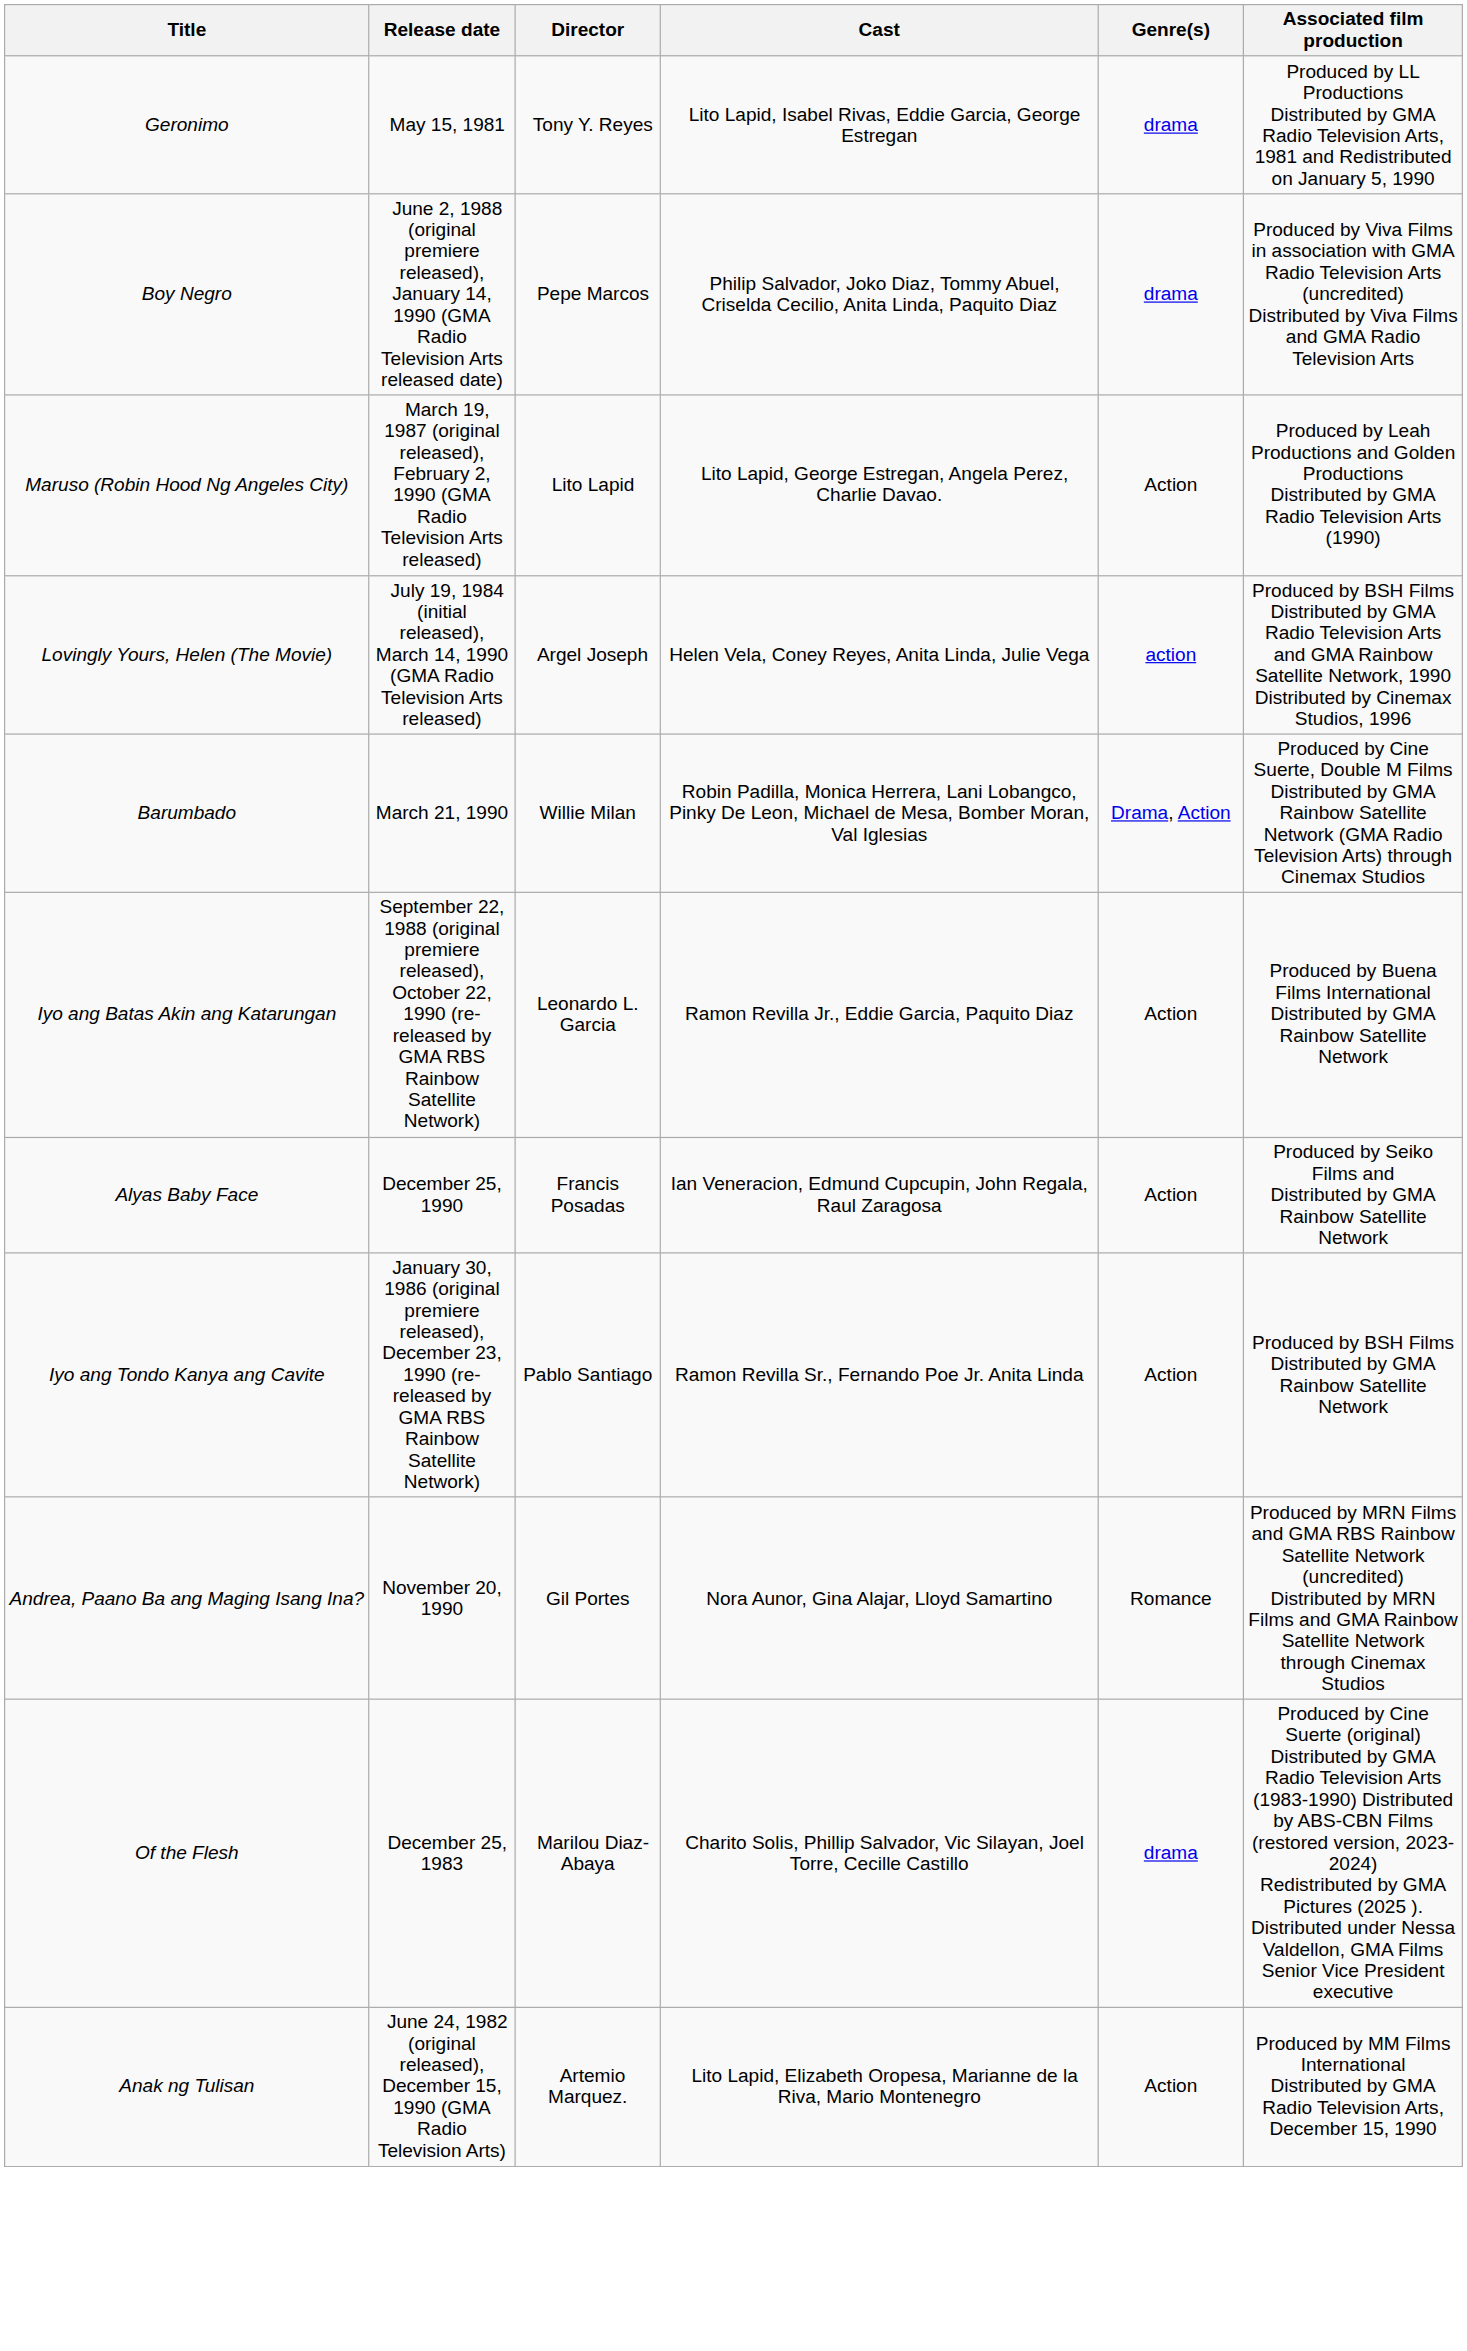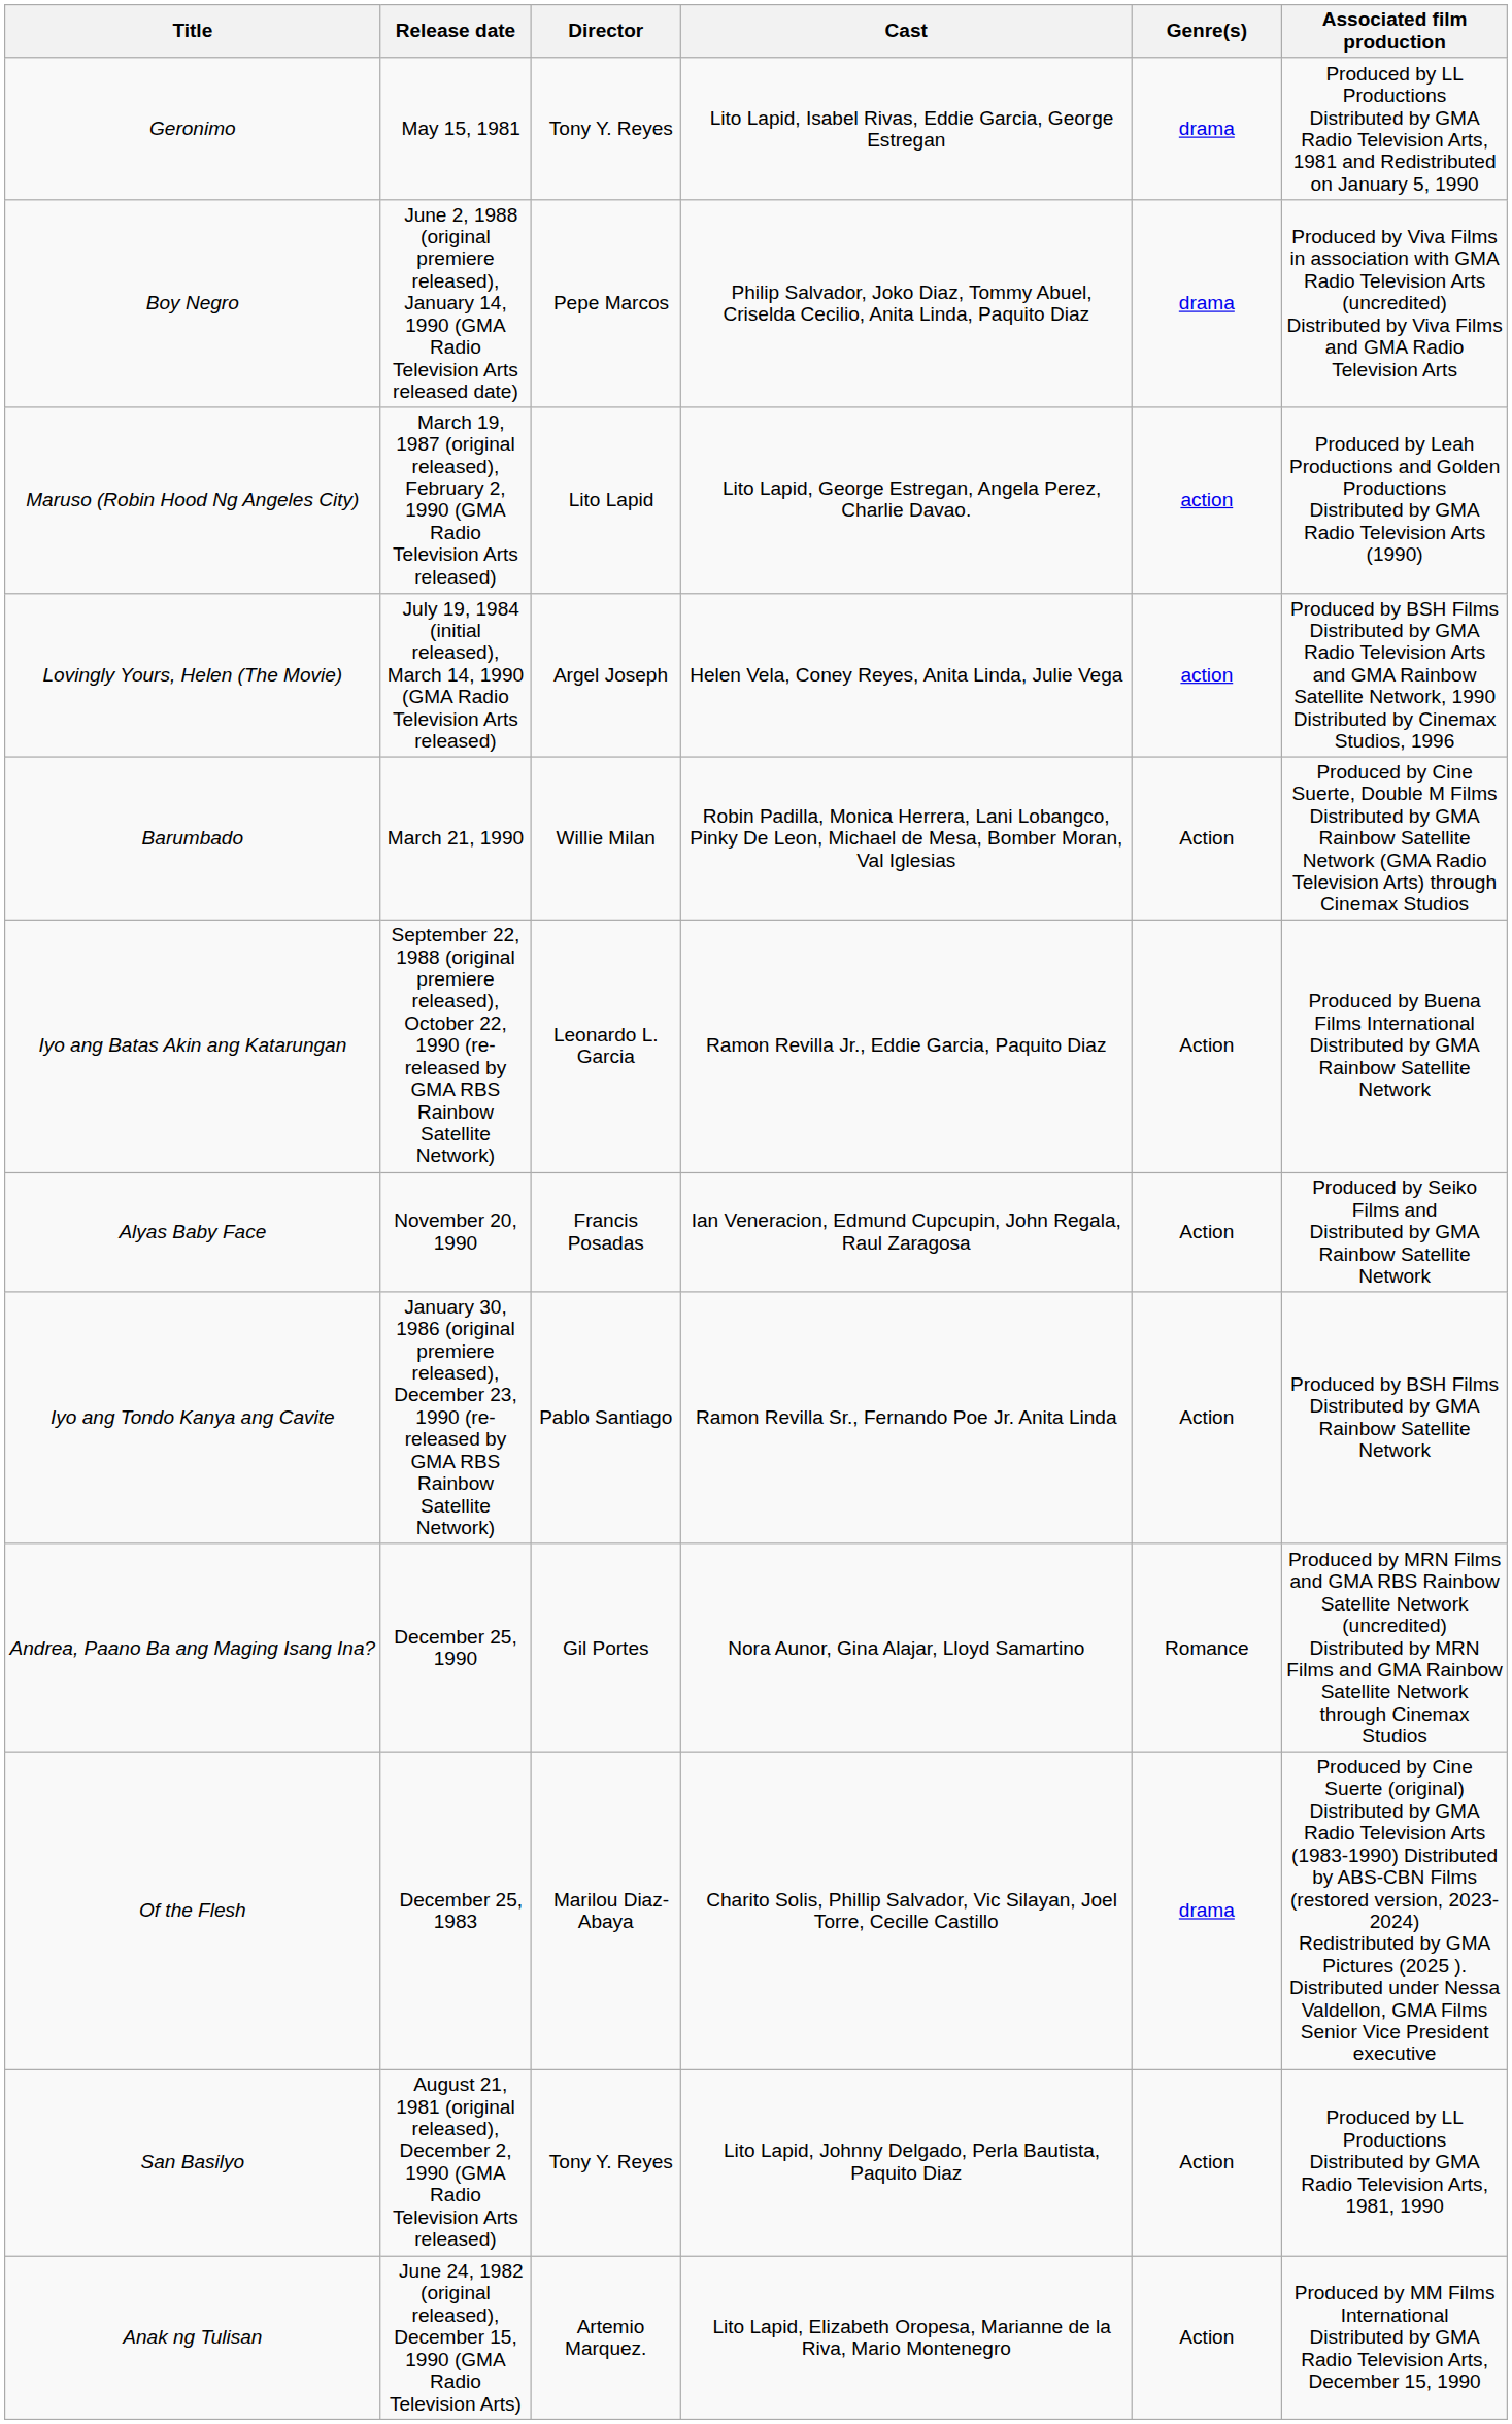 <table class="wikitable" "toccolours sortable" style="width:97%; text-align:center">
 <tr>
 <th style="width:25%;">Title</th>
 <th style="width:10%;">Release date</th>
 <th style="width:10%;">Director</th>
 <th style="width:30%;">Cast</th>
 <th style="width:10%;">Genre(s)</th>
 <th style="width:15%;">Associated film production</th>
 </tr>
 <tr>
 <td><em>Geronimo</em></td>
 <td>  May 15, 1981</td>
 <td>  Tony Y. Reyes</td>
 <td>  Lito Lapid, Isabel Rivas, Eddie Garcia, George Estregan</td>
 <td><a href='#'>drama</a></td>
 <td>Produced by LL Productions<br>Distributed by GMA Radio Television Arts, 1981 and Redistributed on January  5, 1990  </td>
 </tr>
 <tr>
 <td><em>Boy Negro</em></td>
 <td>  June 2, 1988 (original premiere released), January 14, 1990 (GMA Radio Television Arts released date)</td>
 <td>  Pepe Marcos</td>
 <td>  Philip Salvador, Joko Diaz, Tommy Abuel, Criselda Cecilio, Anita Linda, Paquito Diaz</td>
 <td><a href='#'>drama</a></td>
 <td>Produced by Viva Films in association with GMA Radio Television Arts (uncredited)<br>Distributed by Viva Films and GMA Radio Television Arts  </td>
 </tr>
 <tr>
 <td><em>Maruso (Robin Hood Ng Angeles City)</em></td>
 <td>  March 19, 1987 (original released), February 2, 1990 (GMA Radio Television Arts released)</td>
 <td>  Lito Lapid</td>
 <td>  Lito Lapid, George Estregan, Angela Perez, Charlie Davao.</td>
-<td>Action</td>
+<td><a href='#'>action</a></td>
 <td>Produced by Leah Productions and Golden Productions<br>Distributed by GMA Radio Television Arts (1990) </td>
 </tr>
 <tr>
 <td><em>Lovingly Yours, Helen (The Movie)</em></td>
 <td>  July 19, 1984 (initial released), March 14, 1990 (GMA Radio Television Arts released)</td>
 <td>  Argel Joseph</td>
 <td>Helen Vela, Coney Reyes, Anita Linda, Julie Vega</td>
 <td><a href='#'>action</a></td>
 <td>Produced by BSH Films<br>Distributed by GMA Radio  Television Arts and GMA Rainbow Satellite Network, 1990 Distributed by Cinemax Studios, 1996  </td>
 </tr>
 <tr>
 <td><em>Barumbado</em></td>
 <td>March 21, 1990</td>
 <td>Willie Milan</td>
 <td>Robin Padilla, Monica Herrera, Lani Lobangco, Pinky De Leon, Michael de Mesa, Bomber Moran, Val Iglesias</td>
-<td><a href='#'>Drama</a>, <a href='#'>Action</a></td>
+<td>Action</td>
 <td>Produced by Cine Suerte, Double M Films<br>Distributed by GMA Rainbow Satellite Network (GMA Radio Television Arts) through Cinemax Studios </td>
 </tr>
 <tr>
 <td><em>Iyo ang Batas Akin ang Katarungan </em></td>
 <td>September 22, 1988 (original premiere released), October 22, 1990 (re-released by GMA RBS Rainbow Satellite Network)</td>
 <td>Leonardo L. Garcia</td>
 <td>Ramon Revilla Jr., Eddie Garcia, Paquito Diaz</td>
 <td>Action</td>
 <td>Produced by Buena Films International<br>Distributed by GMA Rainbow Satellite Network  </td>
 </tr>
 <tr>
 <td><em>Alyas Baby Face</em></td>
-<td>December 25, 1990</td>
+<td>November 20, 1990</td>
 <td>Francis Posadas</td>
 <td>Ian Veneracion, Edmund Cupcupin, John Regala, Raul Zaragosa</td>
 <td>Action</td>
 <td>Produced by Seiko Films and<br>Distributed by GMA Rainbow Satellite Network  </td>
 </tr>
 <tr>
 <td><em>Iyo ang Tondo Kanya ang Cavite</em></td>
 <td>January 30, 1986 (original premiere released), December 23, 1990 (re-released by GMA RBS Rainbow Satellite Network)</td>
 <td>Pablo Santiago</td>
 <td>Ramon Revilla Sr., Fernando Poe Jr. Anita Linda</td>
 <td>Action</td>
 <td>Produced by BSH Films<br>Distributed by GMA Rainbow Satellite Network  </td>
 </tr>
 <tr>
 <td><em>Andrea, Paano Ba ang Maging Isang Ina?</em></td>
-<td>November 20, 1990</td>
+<td>December 25, 1990</td>
 <td>Gil Portes</td>
 <td>Nora Aunor, Gina Alajar, Lloyd Samartino</td>
 <td>Romance</td>
 <td>Produced by MRN Films and GMA RBS Rainbow Satellite Network (uncredited)<br>Distributed by MRN Films and GMA Rainbow Satellite Network through Cinemax Studios </td>
 </tr>
 <tr>
 <td><em>Of the Flesh</em></td>
 <td>  December 25, 1983</td>
 <td>  Marilou Diaz-Abaya</td>
 <td>  Charito Solis, Phillip Salvador, Vic Silayan, Joel Torre, Cecille Castillo</td>
 <td><a href='#'>drama</a></td>
 <td>Produced by Cine Suerte (original)<br>Distributed by GMA Radio Television Arts (1983-1990) Distributed by ABS-CBN Films (restored version, 2023-2024)<br>Redistributed by GMA Pictures (2025 ). Distributed under Nessa Valdellon, GMA Films Senior Vice President executive </td>
 </tr>
 <tr>
+<td><em>San Basilyo</em></td>
+<td>  August 21, 1981 (original released), December 2, 1990 (GMA Radio Television Arts released)</td>
+<td>  Tony Y. Reyes</td>
+<td>  Lito Lapid, Johnny Delgado, Perla Bautista, Paquito Diaz</td>
+<td>Action</td>
+<td>Produced by LL Productions<br>Distributed by GMA Radio Television Arts, 1981, 1990 </td>
+</tr>
+<tr>
 <td><em>Anak ng Tulisan</em></td>
 <td>  June 24, 1982 (original released), December 15, 1990 (GMA Radio Television Arts)</td>
 <td>  Artemio Marquez.</td>
 <td>  Lito Lapid, Elizabeth Oropesa, Marianne de la Riva, Mario Montenegro</td>
 <td>Action</td>
 <td>Produced by MM Films International<br>Distributed by GMA Radio Television Arts, December 15, 1990 </td>
 </tr>
 <tr>
 </tr>
 </table>
